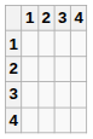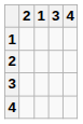 <table class="wikitable" style="font-size:100%;text-align:center;">
 <tr>
 <th></th>
+<th>2</th>
 <th>1</th>
-<th>2</th>
 <th>3</th>
 <th>4</th>
 </tr>
 <tr>
 <th>1</th>
 <td></td>
 <td></td>
 <td></td>
 <td></td>
 </tr>
 <tr>
 <th>2</th>
 <td></td>
 <td></td>
 <td></td>
 <td></td>
 </tr>
 <tr>
 <th>3</th>
 <td></td>
 <td></td>
 <td></td>
 <td></td>
 </tr>
 <tr>
 <th>4</th>
 <td></td>
 <td></td>
 <td></td>
 <td></td>
 </tr>
 </table>
